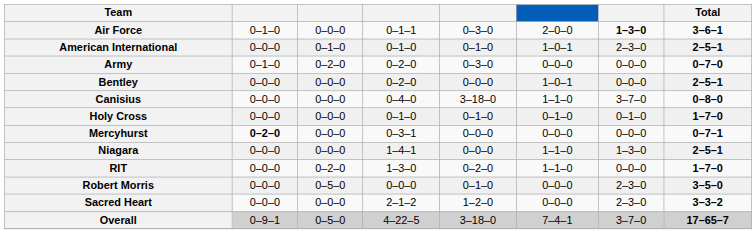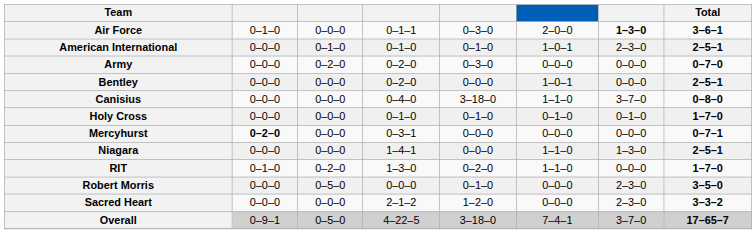 <table class="wikitable" style="text-align: center; "width=1100">
 <tr>
 <th>Team</th>
 <th><a href='#'></a></th>
 <th><a href='#'></a></th>
 <th><a href='#'></a></th>
 <th><a href='#'></a></th>
 <th style="color:white; background:#005EB8"; width=11%><a href='#'></a></th>
 <th><a href='#'></a></th>
 <th>Total</th>
 </tr>
 <tr>
 <th>Air Force</th>
 <td>0–1–0</td>
 <td>0–0–0</td>
 <td>0–1–1</td>
 <td>0–3–0</td>
 <td>2–0–0</td>
 <td><strong>1–3–0</strong></td>
 <td><strong>3–6–1</strong></td>
 </tr>
 <tr bgcolor=f0f0f0>
 <th>American International</th>
 <td>0–0–0</td>
 <td>0–1–0</td>
 <td>0–1–0</td>
 <td>0–1–0</td>
 <td>1–0–1</td>
 <td>2–3–0</td>
 <td><strong>2–5–1</strong></td>
 </tr>
 <tr>
 <th>Army</th>
-<td>0–1–0</td>
+<td>0–0–0</td>
 <td>0–2–0</td>
 <td>0–2–0</td>
 <td>0–3–0</td>
 <td>0–0–0</td>
 <td>0–0–0</td>
 <td><strong>0–7–0</strong></td>
 </tr>
 <tr bgcolor=f0f0f0>
 <th>Bentley</th>
 <td>0–0–0</td>
 <td>0–0–0</td>
 <td>0–2–0</td>
 <td>0–0–0</td>
 <td>1–0–1</td>
 <td>0–0–0</td>
 <td><strong>2–5–1</strong></td>
 </tr>
 <tr>
 <th>Canisius</th>
 <td>0–0–0</td>
 <td>0–0–0</td>
 <td>0–4–0</td>
 <td>3–18–0</td>
 <td>1–1–0</td>
 <td>3–7–0</td>
 <td><strong>0–8–0</strong></td>
 </tr>
 <tr bgcolor=f0f0f0>
 <th>Holy Cross</th>
 <td>0–0–0</td>
 <td>0–0–0</td>
 <td>0–1–0</td>
 <td>0–1–0</td>
 <td>0–1–0</td>
 <td>0–1–0</td>
 <td><strong>1–7–0</strong></td>
 </tr>
 <tr>
 <th>Mercyhurst</th>
 <td><strong>0–2–0</strong></td>
 <td>0–0–0</td>
 <td>0–3–1</td>
 <td>0–0–0</td>
 <td>0–0–0</td>
 <td>0–0–0</td>
 <td><strong>0–7–1</strong></td>
 </tr>
 <tr bgcolor=f0f0f0>
 <th>Niagara</th>
 <td>0–0–0</td>
 <td>0–0–0</td>
 <td>1–4–1</td>
 <td>0–0–0</td>
 <td>1–1–0</td>
 <td>1–3–0</td>
 <td><strong>2–5–1</strong></td>
 </tr>
 <tr>
 <th>RIT</th>
-<td>0–0–0</td>
+<td>0–1–0</td>
 <td>0–2–0</td>
 <td>1–3–0</td>
 <td>0–2–0</td>
 <td>1–1–0</td>
 <td>0–0–0</td>
 <td><strong>1–7–0</strong></td>
 </tr>
 <tr bgcolor=f0f0f0>
 <th>Robert Morris</th>
 <td>0–0–0</td>
 <td>0–5–0</td>
 <td>0–0–0</td>
 <td>0–1–0</td>
 <td>0–0–0</td>
 <td>2–3–0</td>
 <td><strong>3–5–0</strong></td>
 </tr>
 <tr>
 <th>Sacred Heart</th>
 <td>0–0–0</td>
 <td>0–0–0</td>
 <td>2–1–2</td>
 <td>1–2–0</td>
 <td>0–0–0</td>
 <td>2–3–0</td>
 <td><strong>3–3–2</strong></td>
 </tr>
 <tr bgcolor=d0d0d0>
 <th>Overall</th>
 <td>0–9–1</td>
 <td>0–5–0</td>
 <td>4–22–5</td>
 <td>3–18–0</td>
 <td>7–4–1</td>
 <td>3–7–0</td>
 <td><strong>17–65–7</strong></td>
 </tr>
 <tr>
 </tr>
 </table>
